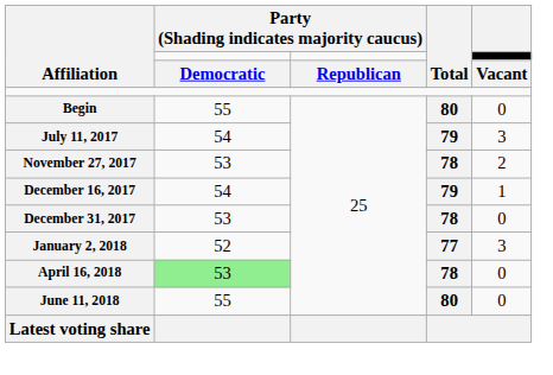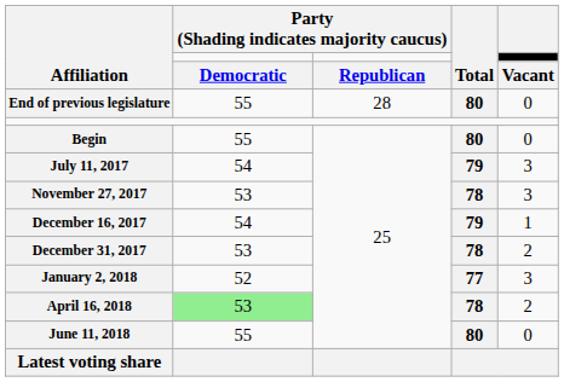 <table class="wikitable" style="text-align:center">
 <tr valign=bottom>
 <th scope="col" rowspan=3>Affiliation</th>
 <th scope="col" colspan=2>Party <div>(Shading indicates majority caucus)</div></th>
 <th scope="col" rowspan=3>Total</th>
 <th></th>
 </tr>
 <tr style="height:5px">
 <td style="background-color:"></td>
 <td style="background-color:"></td>
 <td style="background-color:black"></td>
 </tr>
 <tr>
 <th scope="row"><a href='#'>Democratic</a></th>
 <th><a href='#'>Republican</a></th>
 <th>Vacant</th>
+</tr>
+<tr>
+<th scope="row" style="white-space:nowrap; font-size:80% ">End of previous legislature</th>
+<td>55</td>
+<td>28</td>
+<th>80</th>
+<td>0</td>
 </tr>
 <tr>
 <td colspan="5"></td>
 </tr>
 <tr>
 <th scope="row" style="white-space:nowrap; font-size:80%">Begin</th>
 <td>55</td>
 <td rowspan="8">25</td>
 <th>80</th>
 <td>0</td>
 </tr>
 <tr>
 <th scope="row" style="white-space:nowrap; font-size:80%">July 11, 2017</th>
 <td>54</td>
 <th>79</th>
 <td>3</td>
 </tr>
 <tr>
 <th scope="row" style="white-space:nowrap; font-size:80%">November 27, 2017</th>
 <td>53</td>
 <th>78</th>
-<td>2</td>
+<td>3</td>
 </tr>
 <tr>
 <th scope="row" style="white-space:nowrap; font-size:80%">December 16, 2017</th>
 <td>54</td>
 <th>79</th>
 <td>1</td>
 </tr>
 <tr>
 <th scope="row" style="white-space:nowrap; font-size:80%">December 31, 2017</th>
 <td>53</td>
 <th>78</th>
-<td>0</td>
+<td>2</td>
 </tr>
 <tr>
 <th scope="row" style="white-space:nowrap; font-size:80%">January 2, 2018</th>
 <td>52</td>
 <th>77</th>
 <td>3</td>
 </tr>
 <tr>
 <th scope="row" style="white-space:nowrap; font-size:80%">April 16, 2018</th>
 <td style="background: lightgreen;">53</td>
 <th>78</th>
-<td>0</td>
+<td>2</td>
 </tr>
 <tr>
 <th scope="row" style="white-space:nowrap; font-size:80%">June 11, 2018</th>
 <td>55</td>
 <th>80</th>
 <td>0</td>
 </tr>
 <tr>
 <th scope="row">Latest voting share</th>
 <th></th>
 <th></th>
 <th colspan=2></th>
 </tr>
 </table>
